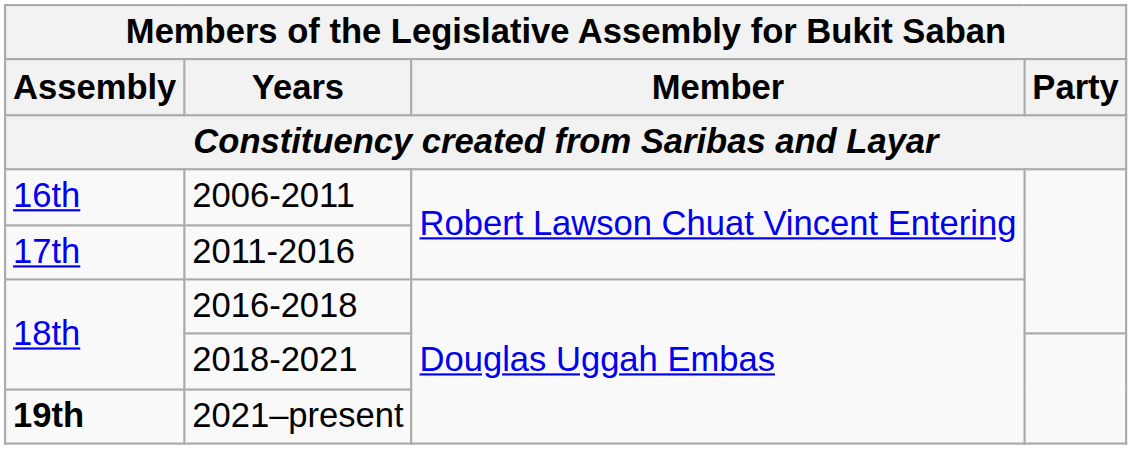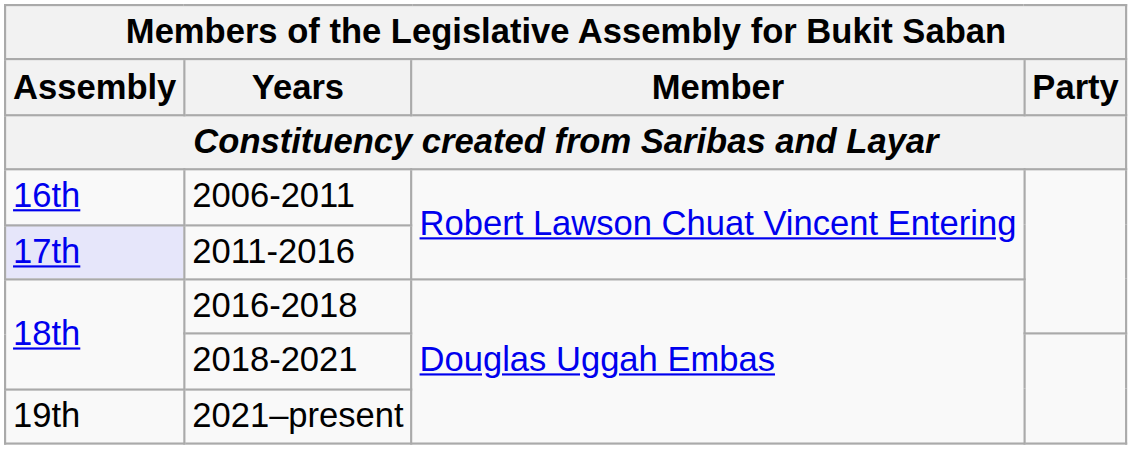 <table class=wikitable>
 <tr>
 <th colspan="4">Members of the Legislative Assembly for Bukit Saban</th>
 </tr>
 <tr>
 <th>Assembly</th>
 <th>Years</th>
 <th>Member</th>
 <th>Party</th>
 </tr>
 <tr>
 <th colspan=4 align=center><em>Constituency created from Saribas and Layar</em></th>
 </tr>
 <tr>
 <td><a href='#'>16th</a></td>
 <td>2006-2011</td>
 <td rowspan=2><a href='#'>Robert Lawson Chuat Vincent Entering</a></td>
 <td rowspan=3></td>
 </tr>
 <tr>
-<td><a href='#'>17th</a></td>
+<td style="background: lavender;"><a href='#'>17th</a></td>
 <td>2011-2016</td>
 </tr>
 <tr>
 <td rowspan="2"><a href='#'>18th</a></td>
 <td>2016-2018</td>
 <td rowspan="3"><a href='#'>Douglas Uggah Embas</a></td>
 </tr>
 <tr>
 <td>2018-2021</td>
 <td rowspan="2" bgcolor=></td>
 </tr>
 <tr>
-<td><strong>19th</strong></td>
+<td>19th</td>
 <td>2021–present</td>
 </tr>
 </table>
